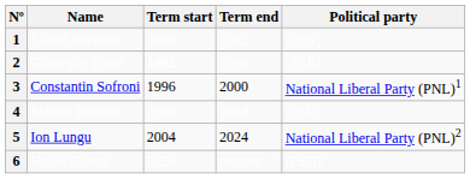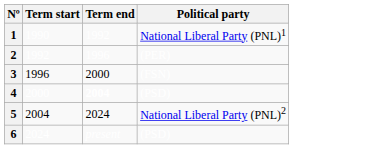 <table class="wikitable">
 <tr>
 <th colspan=1>Nº</th>
-<th colspan=1>Name</th>
 <th colspan=1>Term start</th>
 <th colspan=1>Term end</th>
 <th colspan=1>Political party</th>
 </tr>
 <tr bgcolor=>
 <th>1</th>
-<td span style="color:#ffffff">Filaret Poenaru</td>
 <td span style="color:#ffffff">1990</td>
 <td span style="color:#ffffff">1992</td>
-<td span style="color:#ffffff"> (FSN)</td>
+<td><a href='#'>National Liberal Party</a> (PNL)<sup>1</sup></td>
 </tr>
 <tr bgcolor=>
 <th>2</th>
-<td span style="color:#ffffff">Gheorghe Toma</td>
-<td span style="color:#ffffff"><strong>1992</strong></td>
+<td span style="color:#ffffff">1992</td>
 <td span style="color:#ffffff">1996</td>
 <td span style="color:#ffffff"> (PER)</td>
 </tr>
 <tr bgcolor=>
 <th>3</th>
-<td><a href='#'>Constantin Sofroni</a></td>
 <td>1996</td>
 <td>2000</td>
-<td><a href='#'>National Liberal Party</a> (PNL)<sup>1</sup></td>
+<td span style="color:#ffffff"> (FSN)</td>
 </tr>
 <tr bgcolor=>
 <th>4</th>
-<td span style="color:#ffffff">Marian Ionescu</td>
 <td span style="color:#ffffff">2000</td>
 <td span style="color:#ffffff"><strong>2004</strong></td>
 <td span style="color:#ffffff"> (PSD)</td>
 </tr>
 <tr bgcolor=>
 <th>5</th>
-<td><a href='#'>Ion Lungu</a></td>
 <td>2004</td>
 <td>2024</td>
 <td><a href='#'>National Liberal Party</a> (PNL)<sup>2</sup></td>
 </tr>
 <tr bgcolor=>
 <th>6</th>
-<td span style="color:#ffffff">Vasile Rîmbu</td>
 <td span style="color:#ffffff">2024</td>
 <td span style="color:#ffffff"><em>present</em></td>
 <td span style="color:#ffffff"> (PSD)</td>
 </tr>
 </table>
